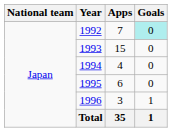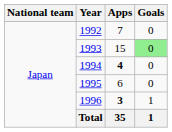 <table class="wikitable" style="text-align:center">
 <tr>
 <th>National team</th>
 <th>Year</th>
 <th>Apps</th>
 <th>Goals</th>
 </tr>
 <tr>
 <td rowspan="6"><a href='#'>Japan</a></td>
 <td><a href='#'>1992</a></td>
 <td>7</td>
-<td style="background: paleturquoise;">0</td>
+<td>0</td>
 </tr>
 <tr>
 <td><a href='#'>1993</a></td>
 <td>15</td>
-<td>0</td>
+<td style="background: lightgreen;">0</td>
 </tr>
 <tr>
 <td><a href='#'>1994</a></td>
-<td>4</td>
+<td><strong>4</strong></td>
 <td>0</td>
 </tr>
 <tr>
 <td><a href='#'>1995</a></td>
 <td>6</td>
 <td>0</td>
 </tr>
 <tr>
 <td><a href='#'>1996</a></td>
-<td>3</td>
+<td><strong>3</strong></td>
 <td>1</td>
 </tr>
 <tr>
 <th>Total</th>
 <th>35</th>
 <th>1</th>
 </tr>
 </table>
